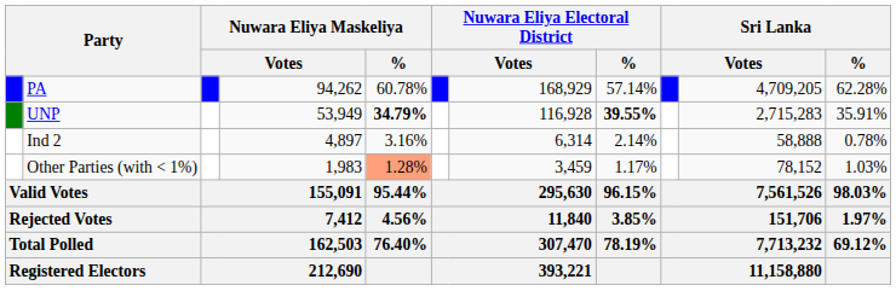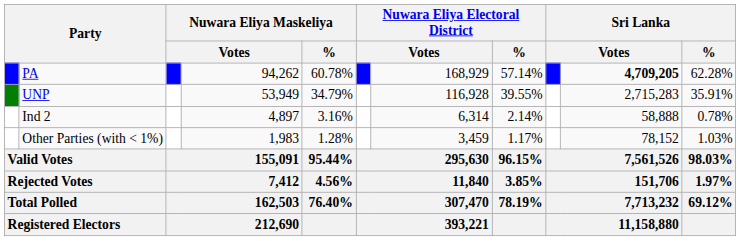 <table class="wikitable">
 <tr>
 <th colspan="2" width="144px"rowspan="2">Party</th>
 <th colspan="3" width="216px">Nuwara Eliya Maskeliya</th>
 <th colspan="3" width="216px"><a href='#'>Nuwara Eliya Electoral District</a></th>
 <th colspan="3" width="216px">Sri Lanka</th>
 </tr>
 <tr>
 <th colspan="2" width="144px">Votes</th>
 <th>%</th>
 <th colspan="2" width="144px">Votes</th>
 <th>%</th>
 <th colspan="2" width="144px">Votes</th>
 <th>%</th>
 </tr>
 <tr>
 <td style="background-color:blue;" width="10px"></td>
 <td style="text-align:left;"><a href='#'>PA</a></td>
 <td style="background-color:blue;" width="10px"></td>
 <td style="text-align:right;">94,262</td>
 <td style="text-align:right;">60.78%</td>
 <td style="background-color:blue;" width="10px"></td>
 <td style="text-align:right;">168,929</td>
 <td style="text-align:right;">57.14%</td>
 <td style="background-color:blue;" width="10px"></td>
-<td style="text-align:right;">4,709,205</td>
+<td style="text-align:right;"><strong>4,709,205</strong></td>
 <td style="text-align:right;">62.28%</td>
 </tr>
 <tr>
 <td style="background-color:green;" width="10px"></td>
 <td style="text-align:left;"><a href='#'>UNP</a></td>
 <td style="background-color:white;" width="10px"></td>
 <td style="text-align:right;">53,949</td>
-<td style="text-align:right;"><strong>34.79%</strong></td>
+<td style="text-align:right;">34.79%</td>
 <td style="background-color:white;" width="10px"></td>
 <td style="text-align:right;">116,928</td>
-<td style="text-align:right;"><strong>39.55%</strong></td>
+<td style="text-align:right;">39.55%</td>
 <td style="background-color:white;" width="10px"></td>
 <td style="text-align:right;">2,715,283</td>
 <td style="text-align:right;">35.91%</td>
 </tr>
 <tr>
 <td style="background-color:white;" width="10px"></td>
 <td style="text-align:left;">Ind 2</td>
 <td style="background-color:white;" width="10px"></td>
 <td style="text-align:right;">4,897</td>
 <td style="text-align:right;">3.16%</td>
 <td style="background-color:white;" width="10px"></td>
 <td style="text-align:right;">6,314</td>
 <td style="text-align:right;">2.14%</td>
 <td style="background-color:white;" width="10px"></td>
 <td style="text-align:right;">58,888</td>
 <td style="text-align:right;">0.78%</td>
 </tr>
 <tr>
 <td style="background-color:white;" width="10px"></td>
 <td style="text-align:left;">Other Parties (with < 1%)</td>
 <td style="background-color:white;" width="10px"></td>
 <td style="text-align:right;">1,983</td>
-<td style="background: lightsalmon; text-align:right;">1.28%</td>
+<td style="text-align:right;">1.28%</td>
 <td style="background-color:white;" width="10px"></td>
 <td style="text-align:right;">3,459</td>
 <td style="text-align:right;">1.17%</td>
 <td style="background-color:white;" width="10px"></td>
 <td style="text-align:right;">78,152</td>
 <td style="text-align:right;">1.03%</td>
 </tr>
 <tr>
 <th colspan="2" width="144px"style="text-align:left;">Valid Votes</th>
 <th style="text-align:right;"colspan="2" width="144px">155,091</th>
 <th style="text-align:right;">95.44%</th>
 <th style="text-align:right;"colspan="2" width="144px">295,630</th>
 <th style="text-align:right;">96.15%</th>
 <th style="text-align:right;"colspan="2" width="144px">7,561,526</th>
 <th style="text-align:right;">98.03%</th>
 </tr>
 <tr>
 <th colspan="2" width="144px"style="text-align:left;">Rejected Votes</th>
 <th style="text-align:right;"colspan="2" width="144px">7,412</th>
 <th style="text-align:right;">4.56%</th>
 <th style="text-align:right;"colspan="2" width="144px">11,840</th>
 <th style="text-align:right;">3.85%</th>
 <th style="text-align:right;"colspan="2" width="144px">151,706</th>
 <th style="text-align:right;">1.97%</th>
 </tr>
 <tr>
 <th colspan="2" width="144px"style="text-align:left;">Total Polled</th>
 <th style="text-align:right;"colspan="2" width="144px">162,503</th>
 <th style="text-align:right;">76.40%</th>
 <th style="text-align:right;"colspan="2" width="144px">307,470</th>
 <th style="text-align:right;">78.19%</th>
 <th style="text-align:right;"colspan="2" width="144px">7,713,232</th>
 <th style="text-align:right;">69.12%</th>
 </tr>
 <tr>
 <th colspan="2" width="144px"style="text-align:left;">Registered Electors</th>
 <th style="text-align:right;"colspan="2" width="144px">212,690</th>
 <th></th>
 <th style="text-align:right;"colspan="2" width="144px">393,221</th>
 <th></th>
 <th style="text-align:right;"colspan="2" width="144px">11,158,880</th>
 <th></th>
 </tr>
 </table>
